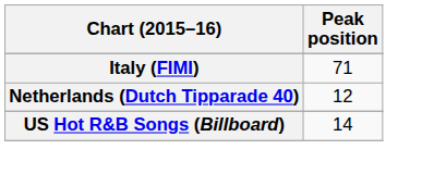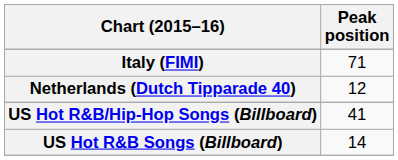 <table class="wikitable sortable plainrowheaders" style="text-align:center">
 <tr>
 <th scope="col">Chart (2015–16)</th>
 <th scope="col">Peak<br>position</th>
 </tr>
 <tr>
 </tr>
 <tr>
 </tr>
 <tr>
 <th scope="row">Italy (<a href='#'>FIMI</a>)</th>
 <td>71</td>
 </tr>
 <tr>
 <th scope="row">Netherlands (<a href='#'>Dutch Tipparade 40</a>)</th>
 <td>12</td>
 </tr>
 <tr>
 </tr>
 <tr>
 </tr>
 <tr>
 </tr>
 <tr>
 </tr>
 <tr>
 </tr>
 <tr>
 </tr>
 <tr>
+<th scope="row">US <a href='#'>Hot R&B/Hip-Hop Songs</a> (<em>Billboard</em>)</th>
+<td align="center">41</td>
+</tr>
+<tr>
 <th scope="row">US <a href='#'>Hot R&B Songs</a> (<em>Billboard</em>)</th>
 <td align="center">14</td>
 </tr>
 <tr>
 </tr>
 </table>
